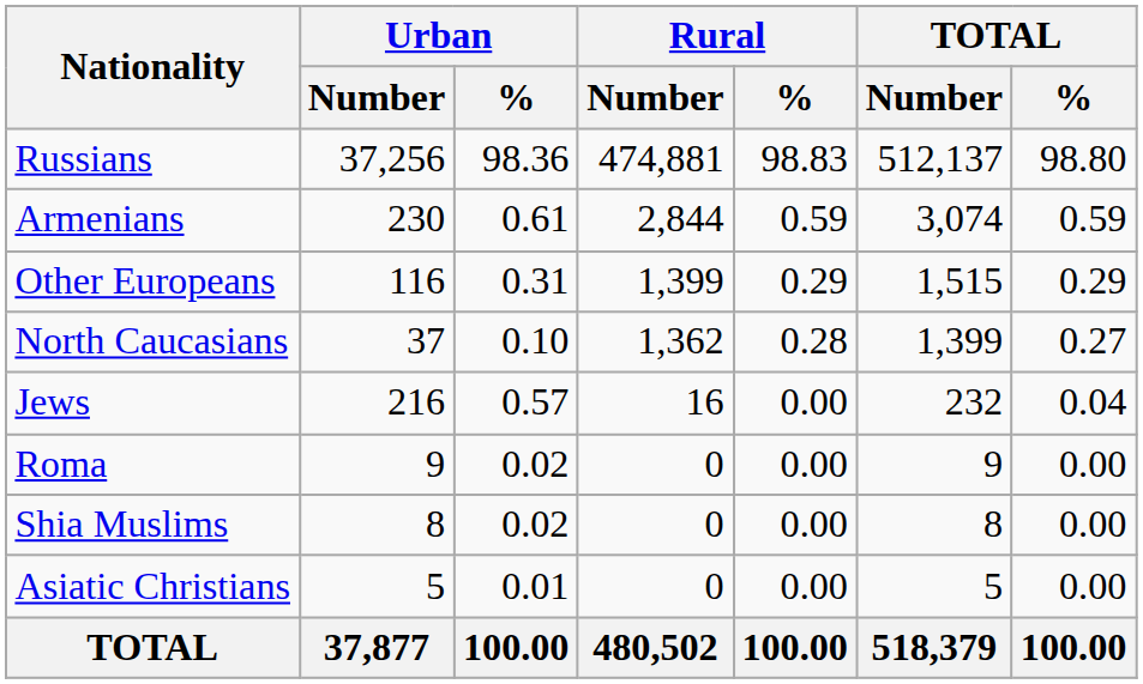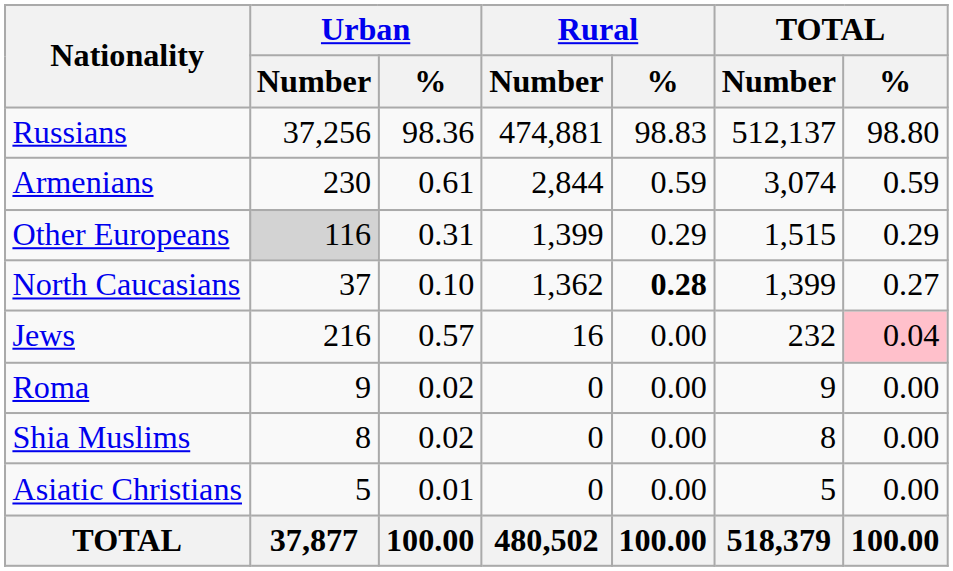 <table class="wikitable sortable">
 <tr>
 <th rowspan="2">Nationality</th>
 <th colspan="2"><a href='#'>Urban</a></th>
 <th colspan="2"><a href='#'>Rural</a></th>
 <th colspan="2">TOTAL</th>
 </tr>
 <tr>
 <th>Number</th>
 <th>%</th>
 <th>Number</th>
 <th>%</th>
 <th>Number</th>
 <th>%</th>
 </tr>
 <tr>
 <td><a href='#'>Russians</a></td>
 <td align="right">37,256</td>
 <td align="right">98.36</td>
 <td align="right">474,881</td>
 <td align="right">98.83</td>
 <td align="right">512,137</td>
 <td align="right">98.80</td>
 </tr>
 <tr>
 <td><a href='#'>Armenians</a></td>
 <td align="right">230</td>
 <td align="right">0.61</td>
 <td align="right">2,844</td>
 <td align="right">0.59</td>
 <td align="right">3,074</td>
 <td align="right">0.59</td>
 </tr>
 <tr>
 <td><a href='#'>Other Europeans</a></td>
-<td align="right">116</td>
+<td align="right" style="background: lightgrey;">116</td>
 <td align="right">0.31</td>
 <td align="right">1,399</td>
 <td align="right">0.29</td>
 <td align="right">1,515</td>
 <td align="right">0.29</td>
 </tr>
 <tr>
 <td><a href='#'>North Caucasians</a></td>
 <td align="right">37</td>
 <td align="right">0.10</td>
 <td align="right">1,362</td>
-<td align="right">0.28</td>
+<td align="right"><strong>0.28</strong></td>
 <td align="right">1,399</td>
 <td align="right">0.27</td>
 </tr>
 <tr>
 <td><a href='#'>Jews</a></td>
 <td align="right">216</td>
 <td align="right">0.57</td>
 <td align="right">16</td>
 <td align="right">0.00</td>
 <td align="right">232</td>
-<td align="right">0.04</td>
+<td align="right" style="background: pink;">0.04</td>
 </tr>
 <tr>
 <td><a href='#'>Roma</a></td>
 <td align="right">9</td>
 <td align="right">0.02</td>
 <td align="right">0</td>
 <td align="right">0.00</td>
 <td align="right">9</td>
 <td align="right">0.00</td>
 </tr>
 <tr>
 <td><a href='#'>Shia Muslims</a></td>
 <td align="right">8</td>
 <td align="right">0.02</td>
 <td align="right">0</td>
 <td align="right">0.00</td>
 <td align="right">8</td>
 <td align="right">0.00</td>
 </tr>
 <tr>
 <td><a href='#'>Asiatic Christians</a></td>
 <td align="right">5</td>
 <td align="right">0.01</td>
 <td align="right">0</td>
 <td align="right">0.00</td>
 <td align="right">5</td>
 <td align="right">0.00</td>
 </tr>
 <tr>
 <th>TOTAL</th>
 <th>37,877</th>
 <th>100.00</th>
 <th>480,502</th>
 <th>100.00</th>
 <th>518,379</th>
 <th>100.00</th>
 </tr>
 </table>
